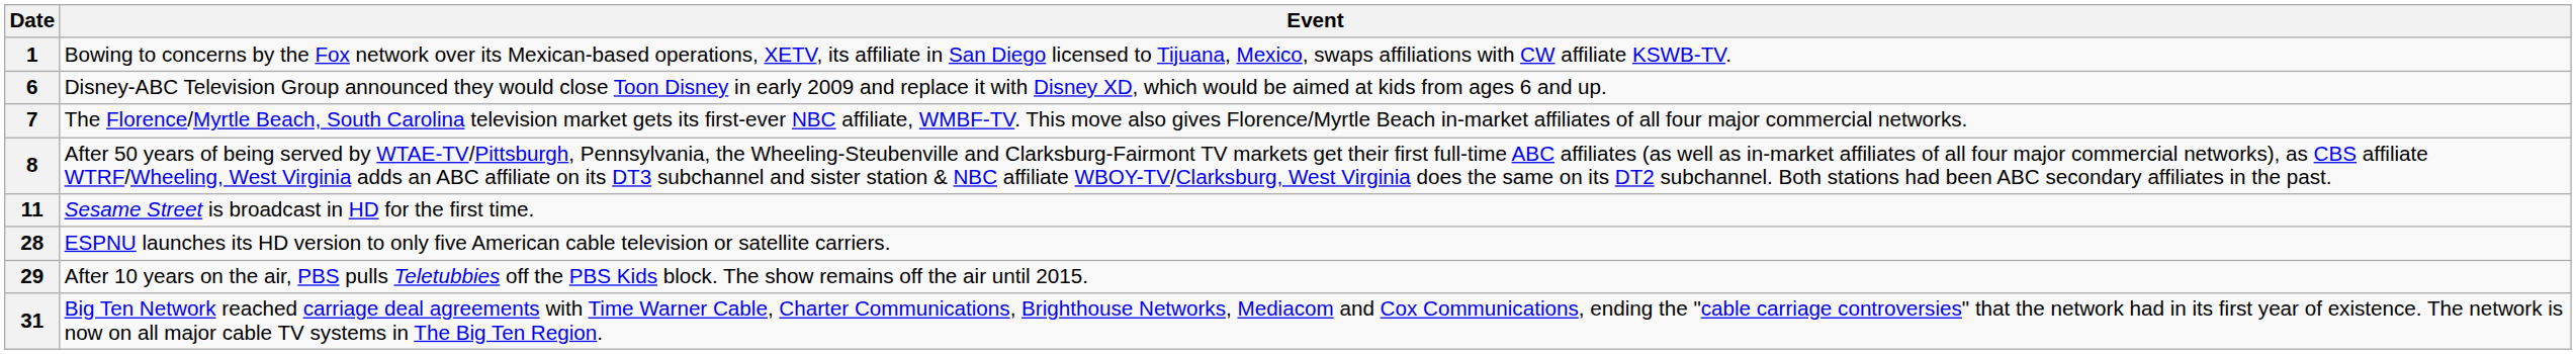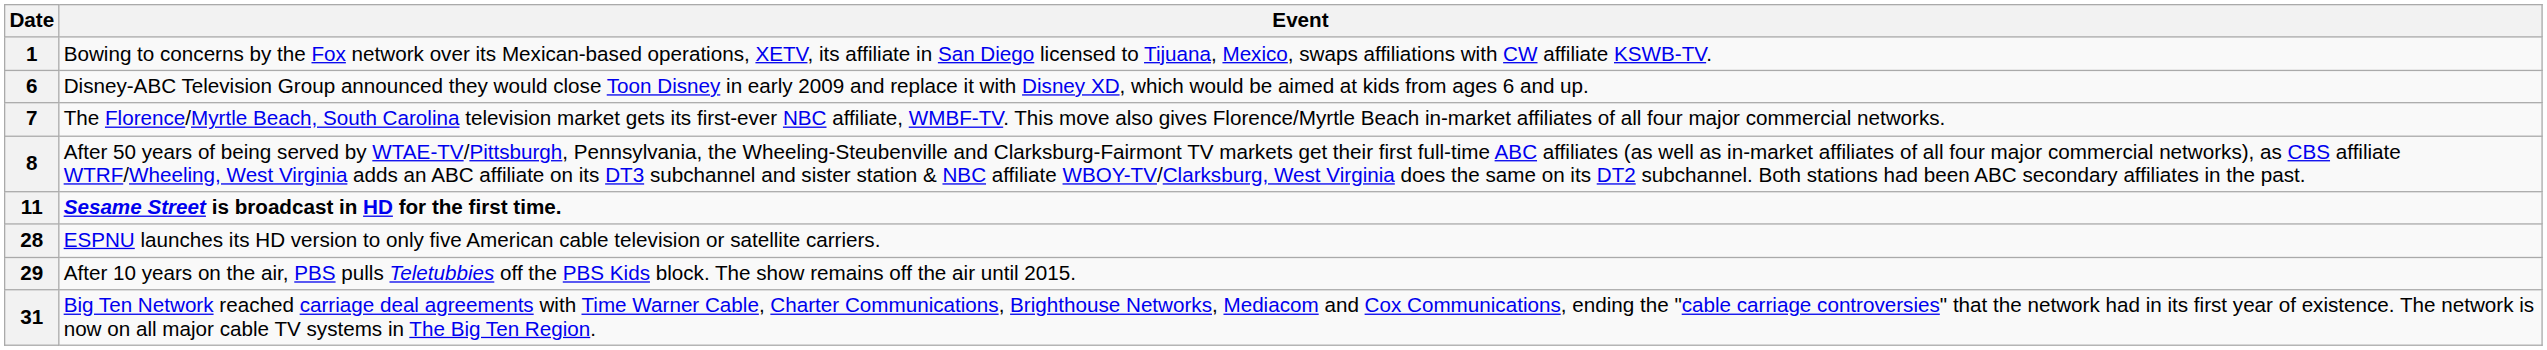 <table class="wikitable">
 <tr>
 <th>Date</th>
 <th>Event</th>
 </tr>
 <tr>
 <th>1</th>
 <td>Bowing to concerns by the <a href='#'>Fox</a> network over its Mexican-based operations, <a href='#'>XETV</a>, its affiliate in <a href='#'>San Diego</a> licensed to <a href='#'>Tijuana</a>, <a href='#'>Mexico</a>, swaps affiliations with <a href='#'>CW</a> affiliate <a href='#'>KSWB-TV</a>.</td>
 </tr>
 <tr>
 <th>6</th>
 <td>Disney-ABC Television Group announced they would close <a href='#'>Toon Disney</a> in early 2009 and replace it with <a href='#'>Disney XD</a>, which would be aimed at kids from ages 6 and up.</td>
 </tr>
 <tr>
 <th>7</th>
 <td>The <a href='#'>Florence</a>/<a href='#'>Myrtle Beach, South Carolina</a> television market gets its first-ever <a href='#'>NBC</a> affiliate, <a href='#'>WMBF-TV</a>. This move also gives Florence/Myrtle Beach in-market affiliates of all four major commercial networks.</td>
 </tr>
 <tr>
 <th>8</th>
 <td>After 50 years of being served by <a href='#'>WTAE-TV</a>/<a href='#'>Pittsburgh</a>, Pennsylvania, the Wheeling-Steubenville and Clarksburg-Fairmont TV markets get their first full-time <a href='#'>ABC</a> affiliates (as well as in-market affiliates of all four major commercial networks), as <a href='#'>CBS</a> affiliate <a href='#'>WTRF</a>/<a href='#'>Wheeling, West Virginia</a> adds an ABC affiliate on its <a href='#'>DT3</a> subchannel and sister station & <a href='#'>NBC</a> affiliate <a href='#'>WBOY-TV</a>/<a href='#'>Clarksburg, West Virginia</a> does the same on its <a href='#'>DT2</a> subchannel. Both stations had been ABC secondary affiliates in the past.</td>
 </tr>
 <tr>
 <th>11</th>
-<td><em><a href='#'>Sesame Street</a></em> is broadcast in <a href='#'>HD</a> for the first time.</td>
+<td><strong><em><a href='#'>Sesame Street</a></em> is broadcast in <a href='#'>HD</a> for the first time.</strong></td>
 </tr>
 <tr>
 <th>28</th>
 <td><a href='#'>ESPNU</a> launches its HD version to only five American cable television or satellite carriers.</td>
 </tr>
 <tr>
 <th>29</th>
 <td>After 10 years on the air, <a href='#'>PBS</a> pulls <em><a href='#'>Teletubbies</a></em> off the <a href='#'>PBS Kids</a> block. The show remains off the air until 2015.</td>
 </tr>
 <tr>
 <th>31</th>
 <td><a href='#'>Big Ten Network</a> reached <a href='#'>carriage deal agreements</a> with <a href='#'>Time Warner Cable</a>, <a href='#'>Charter Communications</a>, <a href='#'>Brighthouse Networks</a>, <a href='#'>Mediacom</a> and <a href='#'>Cox Communications</a>, ending the "<a href='#'>cable carriage controversies</a>" that the network had in its first year of existence. The network is now on all major cable TV systems in <a href='#'>The Big Ten Region</a>.</td>
 </tr>
 </table>
